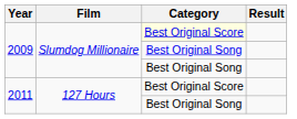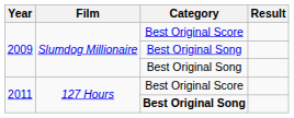 <table class="wikitable">
 <tr>
 <th>Year</th>
 <th>Film</th>
 <th>Category</th>
 <th>Result</th>
 </tr>
 <tr>
 <td style="text-align:center;" rowspan="3"><a href='#'>2009</a></td>
 <td style="text-align:center;" rowspan="3"><em><a href='#'>Slumdog Millionaire</a></em></td>
-<td style="background: lightyellow; text-align:center;"><a href='#'>Best Original Score</a></td>
+<td style="text-align:center;"><a href='#'>Best Original Score</a></td>
 <td></td>
 </tr>
 <tr>
 <td style="text-align:center;"><a href='#'>Best Original Song</a><br></td>
 <td></td>
 </tr>
 <tr>
 <td style="text-align:center;">Best Original Song<br></td>
 <td></td>
 </tr>
 <tr>
 <td style="text-align:center;" rowspan="2"><a href='#'>2011</a></td>
 <td style="text-align:center;" rowspan="2"><em><a href='#'>127 Hours</a></em></td>
 <td style="text-align:center;">Best Original Score</td>
 <td></td>
 </tr>
 <tr>
-<td style="text-align:center;">Best Original Song<br></td>
+<td style="text-align:center;"><strong>Best Original Song<br></strong></td>
 <td></td>
 </tr>
 </table>
